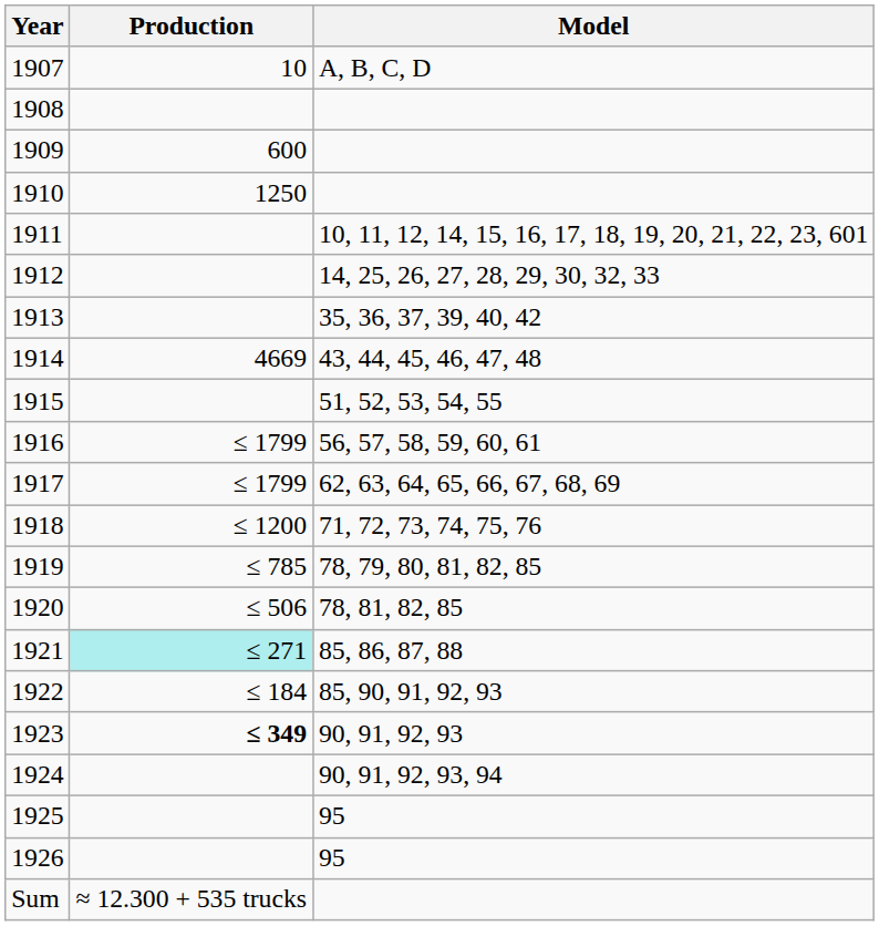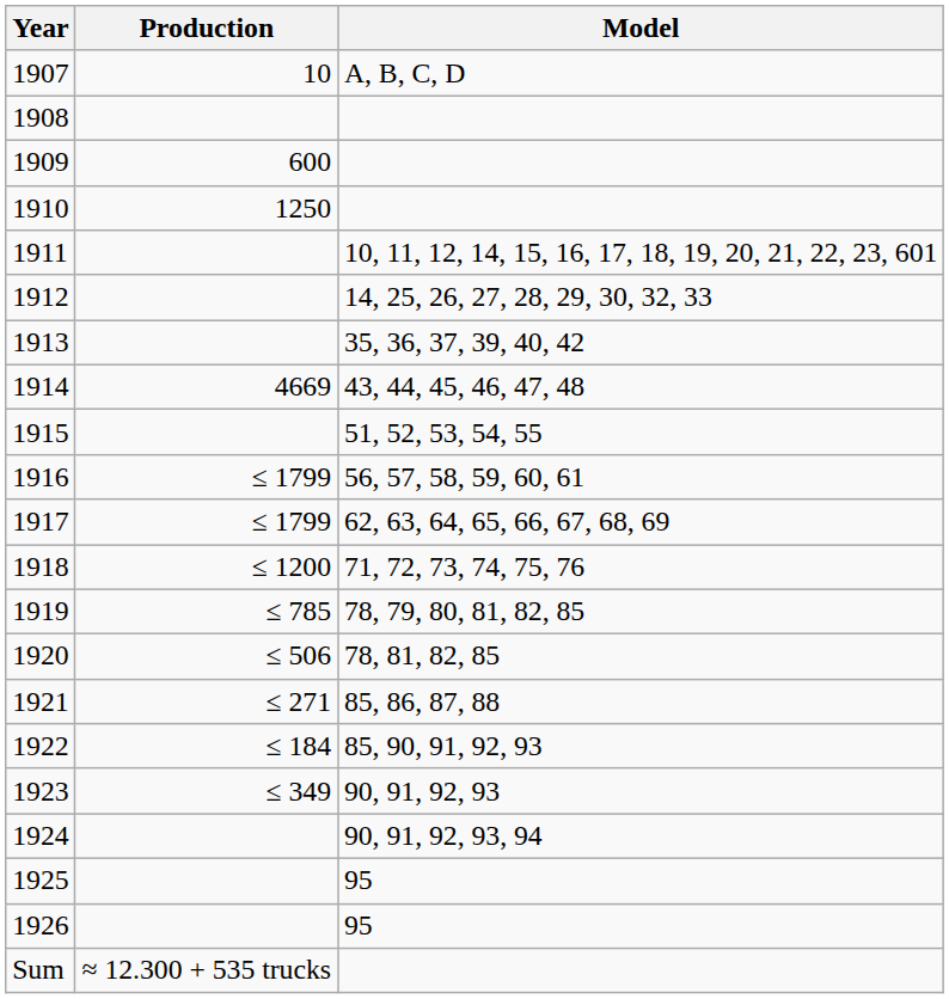 <table class="wikitable sortable">
 <tr>
 <th>Year</th>
 <th>Production</th>
 <th>Model</th>
 </tr>
 <tr>
 <td>1907</td>
 <td align="right">10</td>
 <td>A, B, C, D</td>
 </tr>
 <tr>
 <td>1908</td>
 <td align="right"></td>
 <td></td>
 </tr>
 <tr>
 <td>1909</td>
 <td align="right">600</td>
 <td></td>
 </tr>
 <tr>
 <td>1910</td>
 <td align="right">1250</td>
 <td></td>
 </tr>
 <tr>
 <td>1911</td>
 <td align="right"></td>
 <td>10, 11, 12, 14, 15, 16, 17, 18, 19, 20, 21, 22, 23, 601</td>
 </tr>
 <tr>
 <td>1912</td>
 <td align="right"></td>
 <td>14, 25, 26, 27, 28, 29, 30, 32, 33</td>
 </tr>
 <tr>
 <td>1913</td>
 <td align="right"></td>
 <td>35, 36, 37, 39, 40, 42</td>
 </tr>
 <tr>
 <td>1914</td>
 <td align="right">4669</td>
 <td>43, 44, 45, 46, 47, 48</td>
 </tr>
 <tr>
 <td>1915</td>
 <td align="right"></td>
 <td>51, 52, 53, 54, 55</td>
 </tr>
 <tr>
 <td>1916</td>
 <td align="right">≤ 1799 </td>
 <td>56, 57, 58, 59, 60, 61</td>
 </tr>
 <tr>
 <td>1917</td>
 <td align="right">≤ 1799</td>
 <td>62, 63, 64, 65, 66, 67, 68, 69</td>
 </tr>
 <tr>
 <td>1918</td>
 <td align="right">≤ 1200</td>
 <td>71, 72, 73, 74, 75, 76</td>
 </tr>
 <tr>
 <td>1919</td>
 <td align="right">≤ 785</td>
 <td>78, 79, 80, 81, 82, 85</td>
 </tr>
 <tr>
 <td>1920</td>
 <td align="right">≤ 506</td>
 <td>78, 81, 82, 85</td>
 </tr>
 <tr>
 <td>1921</td>
-<td align="right" style="background: paleturquoise;">≤ 271</td>
+<td align="right">≤ 271</td>
 <td>85, 86, 87, 88</td>
 </tr>
 <tr>
 <td>1922</td>
 <td align="right">≤ 184</td>
 <td>85, 90, 91, 92, 93</td>
 </tr>
 <tr>
 <td>1923</td>
-<td align="right"><strong>≤ 349 </strong></td>
+<td align="right">≤ 349 </td>
 <td>90, 91, 92, 93</td>
 </tr>
 <tr>
 <td>1924</td>
 <td align="right"></td>
 <td>90, 91, 92, 93, 94</td>
 </tr>
 <tr>
 <td>1925</td>
 <td align="right"></td>
 <td>95</td>
 </tr>
 <tr>
 <td>1926</td>
 <td align="right"></td>
 <td>95</td>
 </tr>
 <tr>
 <td>Sum</td>
 <td align="right">≈ 12.300 + 535 trucks</td>
 </tr>
 </table>
